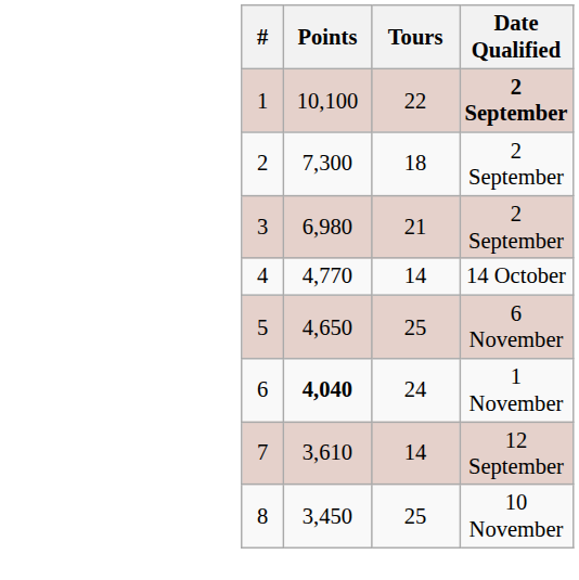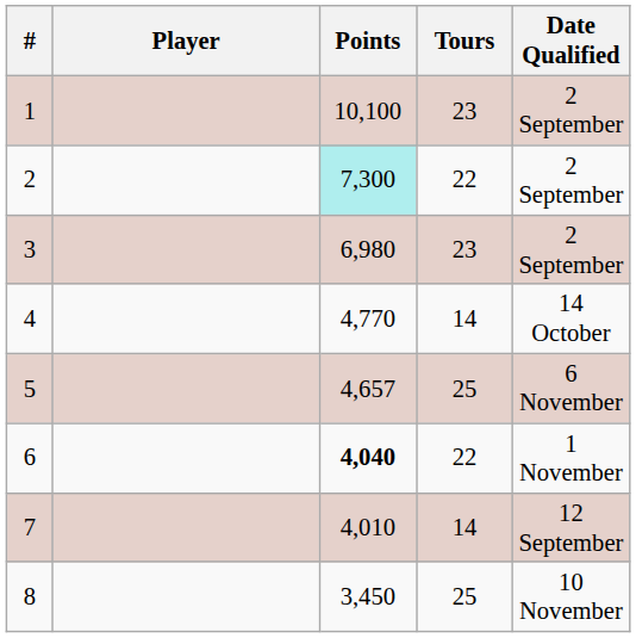 <table class="sortable wikitable" style="float:right;margin-left:1em;text-align:center;font-size:90%;text:justify;">
 <tr>
 <th width=20>#</th>
+<th width=150>Player</th>
 <th width=50>Points</th>
 <th width=50>Tours</th>
 <th width=60>Date Qualified</th>
 </tr>
 <tr bgcolor=#e5d1cb>
 <td>1</td>
+<td align=left><br></td>
 <td>10,100</td>
-<td>22</td>
-<td><strong>2 September</strong></td>
+<td>23</td>
+<td>2 September</td>
 </tr>
 <tr align=center>
 <td>2</td>
-<td>7,300</td>
-<td>18</td>
+<td align=left><br></td>
+<td style="background: paleturquoise;">7,300</td>
+<td>22</td>
 <td>2 September</td>
 </tr>
 <tr bgcolor=#e5d1cb>
 <td>3</td>
+<td align=left><br></td>
 <td>6,980</td>
-<td>21</td>
+<td>23</td>
 <td>2 September</td>
 </tr>
 <tr>
 <td>4</td>
+<td align=left><br></td>
 <td>4,770</td>
 <td>14</td>
 <td>14 October</td>
 </tr>
 <tr bgcolor=#e5d1cb>
 <td>5</td>
-<td>4,650</td>
+<td align=left> <br> </td>
+<td>4,657</td>
 <td>25</td>
 <td>6 November</td>
 </tr>
 <tr>
 <td>6</td>
+<td align=left><br></td>
 <td><strong>4,040</strong></td>
-<td>24</td>
+<td>22</td>
 <td>1 November</td>
 </tr>
 <tr bgcolor=#e5d1cb>
 <td>7</td>
-<td>3,610</td>
+<td align=left><br></td>
+<td>4,010</td>
 <td>14</td>
 <td>12 September</td>
 </tr>
 <tr>
 <td>8</td>
+<td align=left> <br> </td>
 <td>3,450</td>
 <td>25</td>
 <td>10 November</td>
 </tr>
 </table>
